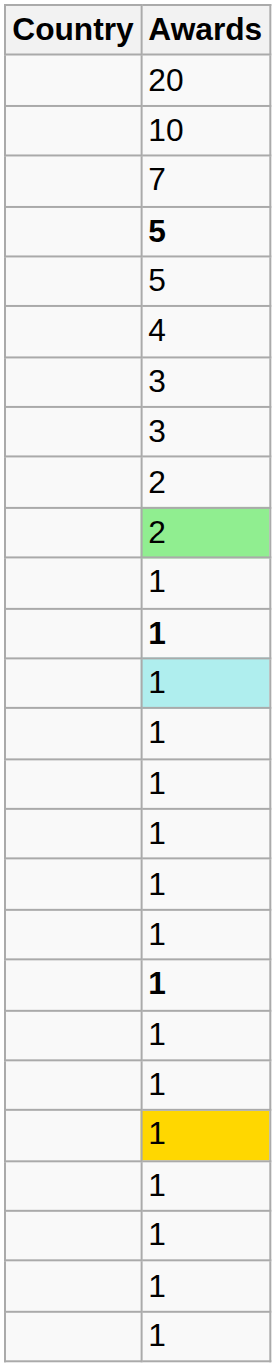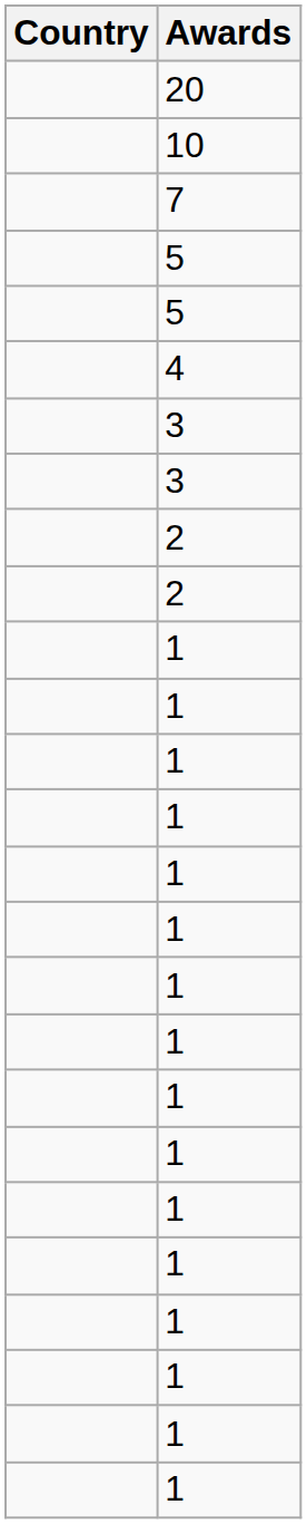 <table class="wikitable">
 <tr>
 <th scope="col">Country</th>
 <th scope="col">Awards</th>
 </tr>
 <tr>
 <td></td>
 <td>20</td>
 </tr>
 <tr>
 <td></td>
 <td>10</td>
 </tr>
 <tr>
 <td></td>
 <td>7</td>
 </tr>
 <tr>
 <td></td>
-<td><strong>5</strong></td>
+<td>5</td>
 </tr>
 <tr>
 <td></td>
 <td>5</td>
 </tr>
 <tr>
 <td></td>
 <td>4</td>
 </tr>
 <tr>
 <td></td>
 <td>3</td>
 </tr>
 <tr>
 <td></td>
 <td>3</td>
 </tr>
 <tr>
 <td></td>
 <td>2</td>
 </tr>
 <tr>
 <td></td>
-<td style="background: lightgreen;">2</td>
-</tr>
-<tr>
-<td></td>
-<td>1</td>
-</tr>
-<tr>
-<td></td>
-<td><strong>1</strong></td>
-</tr>
-<tr>
-<td></td>
-<td style="background: paleturquoise;">1</td>
+<td>2</td>
 </tr>
 <tr>
 <td></td>
 <td>1</td>
 </tr>
 <tr>
 <td></td>
 <td>1</td>
 </tr>
 <tr>
 <td></td>
 <td>1</td>
 </tr>
 <tr>
 <td></td>
 <td>1</td>
 </tr>
 <tr>
 <td></td>
 <td>1</td>
 </tr>
 <tr>
 <td></td>
-<td><strong>1</strong></td>
+<td>1</td>
 </tr>
 <tr>
 <td></td>
 <td>1</td>
 </tr>
 <tr>
 <td></td>
 <td>1</td>
 </tr>
 <tr>
 <td></td>
-<td style="background: gold;">1</td>
+<td>1</td>
+</tr>
+<tr>
+<td></td>
+<td>1</td>
+</tr>
+<tr>
+<td></td>
+<td>1</td>
+</tr>
+<tr>
+<td></td>
+<td>1</td>
 </tr>
 <tr>
 <td></td>
 <td>1</td>
 </tr>
 <tr>
 <td></td>
 <td>1</td>
 </tr>
 <tr>
 <td></td>
 <td>1</td>
 </tr>
 <tr>
 <td></td>
 <td>1</td>
 </tr>
 </table>
